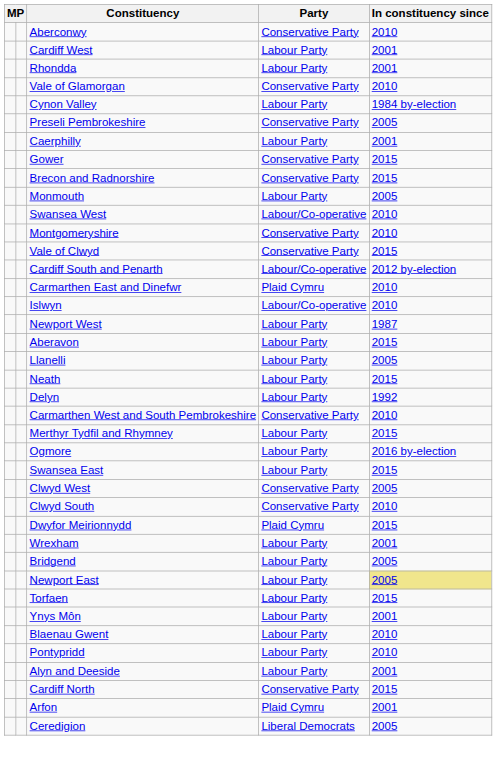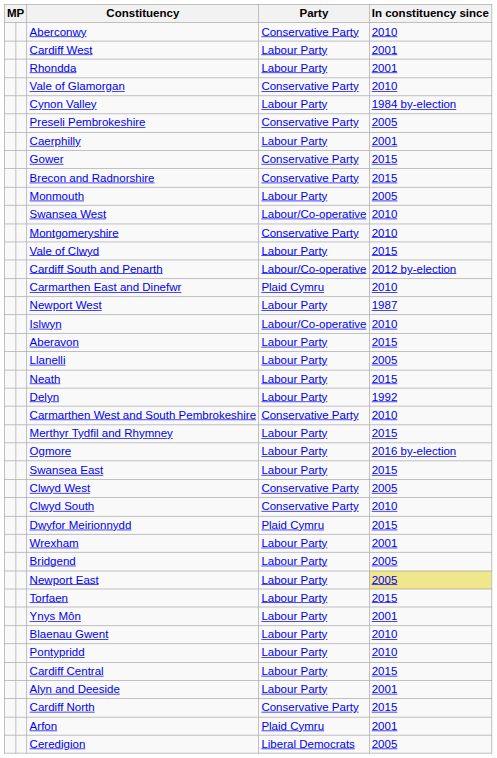 <table class="wikitable sortable">
 <tr>
 <th colspan=2>MP</th>
 <th>Constituency</th>
 <th>Party</th>
 <th>In constituency since</th>
 </tr>
 <tr>
 <td style="color:inherit;background-color: "></td>
 <td></td>
 <td><a href='#'>Aberconwy</a></td>
 <td><a href='#'>Conservative Party</a></td>
 <td><a href='#'>2010</a></td>
 </tr>
 <tr>
 <td style="color:inherit;background-color: "></td>
 <td></td>
 <td><a href='#'>Cardiff West</a></td>
 <td><a href='#'>Labour Party</a></td>
 <td><a href='#'>2001</a></td>
 </tr>
 <tr>
 <td style="color:inherit;background-color: "></td>
 <td></td>
 <td><a href='#'>Rhondda</a></td>
 <td><a href='#'>Labour Party</a></td>
 <td><a href='#'>2001</a></td>
 </tr>
 <tr>
 <td style="color:inherit;background-color: "></td>
 <td></td>
 <td><a href='#'>Vale of Glamorgan</a></td>
 <td><a href='#'>Conservative Party</a></td>
 <td><a href='#'>2010</a></td>
 </tr>
 <tr>
 <td style="color:inherit;background-color: "></td>
 <td></td>
 <td><a href='#'>Cynon Valley</a></td>
 <td><a href='#'>Labour Party</a></td>
 <td><a href='#'>1984 by-election</a></td>
 </tr>
 <tr>
 <td style="color:inherit;background-color: "></td>
 <td></td>
 <td><a href='#'>Preseli Pembrokeshire</a></td>
 <td><a href='#'>Conservative Party</a></td>
 <td><a href='#'>2005</a></td>
 </tr>
 <tr>
 <td style="color:inherit;background-color: "></td>
 <td></td>
 <td><a href='#'>Caerphilly</a></td>
 <td><a href='#'>Labour Party</a></td>
 <td><a href='#'>2001</a></td>
 </tr>
 <tr>
 <td style="color:inherit;background-color: "></td>
 <td></td>
 <td><a href='#'>Gower</a></td>
 <td><a href='#'>Conservative Party</a></td>
 <td><a href='#'>2015</a></td>
 </tr>
 <tr>
 <td style="color:inherit;background-color: "></td>
 <td></td>
 <td><a href='#'>Brecon and Radnorshire</a></td>
 <td><a href='#'>Conservative Party</a></td>
 <td><a href='#'>2015</a></td>
 </tr>
 <tr>
 <td style="color:inherit;background-color: "></td>
 <td></td>
 <td><a href='#'>Monmouth</a></td>
 <td><a href='#'>Labour Party</a></td>
 <td><a href='#'>2005</a></td>
 </tr>
 <tr>
 <td style="color:inherit;background-color: "></td>
 <td></td>
 <td><a href='#'>Swansea West</a></td>
 <td><a href='#'>Labour/Co-operative</a></td>
 <td><a href='#'>2010</a></td>
 </tr>
 <tr>
 <td style="color:inherit;background-color: "></td>
 <td></td>
 <td><a href='#'>Montgomeryshire</a></td>
 <td><a href='#'>Conservative Party</a></td>
 <td><a href='#'>2010</a></td>
 </tr>
 <tr>
 <td style="color:inherit;background-color: "></td>
 <td></td>
 <td><a href='#'>Vale of Clwyd</a></td>
-<td><a href='#'>Conservative Party</a></td>
+<td><a href='#'>Labour Party</a></td>
 <td><a href='#'>2015</a></td>
 </tr>
 <tr>
 <td style="color:inherit;background-color: "></td>
 <td></td>
 <td><a href='#'>Cardiff South and Penarth</a></td>
 <td><a href='#'>Labour/Co-operative</a></td>
 <td><a href='#'>2012 by-election</a></td>
 </tr>
 <tr>
 <td style="color:inherit;background-color: "></td>
 <td></td>
 <td><a href='#'>Carmarthen East and Dinefwr</a></td>
 <td><a href='#'>Plaid Cymru</a></td>
 <td><a href='#'>2010</a></td>
 </tr>
 <tr>
 <td style="color:inherit;background-color: "></td>
 <td></td>
-<td><a href='#'>Islwyn</a></td>
-<td><a href='#'>Labour/Co-operative</a></td>
-<td><a href='#'>2010</a></td>
+<td><a href='#'>Newport West</a></td>
+<td><a href='#'>Labour Party</a></td>
+<td><a href='#'>1987</a></td>
 </tr>
 <tr>
 <td style="color:inherit;background-color: "></td>
 <td></td>
-<td><a href='#'>Newport West</a></td>
-<td><a href='#'>Labour Party</a></td>
-<td><a href='#'>1987</a></td>
+<td><a href='#'>Islwyn</a></td>
+<td><a href='#'>Labour/Co-operative</a></td>
+<td><a href='#'>2010</a></td>
 </tr>
 <tr>
 <td style="color:inherit;background-color: "></td>
 <td></td>
 <td><a href='#'>Aberavon</a></td>
 <td><a href='#'>Labour Party</a></td>
 <td><a href='#'>2015</a></td>
 </tr>
 <tr>
 <td style="color:inherit;background-color: "></td>
 <td></td>
 <td><a href='#'>Llanelli</a></td>
 <td><a href='#'>Labour Party</a></td>
 <td><a href='#'>2005</a></td>
 </tr>
 <tr>
 <td style="color:inherit;background-color: "></td>
 <td></td>
 <td><a href='#'>Neath</a></td>
 <td><a href='#'>Labour Party</a></td>
 <td><a href='#'>2015</a></td>
 </tr>
 <tr>
 <td style="color:inherit;background-color: "></td>
 <td></td>
 <td><a href='#'>Delyn</a></td>
 <td><a href='#'>Labour Party</a></td>
 <td><a href='#'>1992</a></td>
 </tr>
 <tr>
 <td style="color:inherit;background-color: "></td>
 <td></td>
 <td><a href='#'>Carmarthen West and South Pembrokeshire</a></td>
 <td><a href='#'>Conservative Party</a></td>
 <td><a href='#'>2010</a></td>
 </tr>
 <tr>
 <td style="color:inherit;background-color: "></td>
 <td></td>
 <td><a href='#'>Merthyr Tydfil and Rhymney</a></td>
 <td><a href='#'>Labour Party</a></td>
 <td><a href='#'>2015</a></td>
 </tr>
 <tr>
 <td style="color:inherit;background-color: "></td>
 <td></td>
 <td><a href='#'>Ogmore</a></td>
 <td><a href='#'>Labour Party</a></td>
 <td><a href='#'>2016 by-election</a></td>
 </tr>
 <tr>
 <td style="color:inherit;background-color: "></td>
 <td></td>
 <td><a href='#'>Swansea East</a></td>
 <td><a href='#'>Labour Party</a></td>
 <td><a href='#'>2015</a></td>
 </tr>
 <tr>
 <td style="color:inherit;background-color: "></td>
 <td></td>
 <td><a href='#'>Clwyd West</a></td>
 <td><a href='#'>Conservative Party</a></td>
 <td><a href='#'>2005</a></td>
 </tr>
 <tr>
 <td style="color:inherit;background-color: "></td>
 <td></td>
 <td><a href='#'>Clwyd South</a></td>
 <td><a href='#'>Conservative Party</a></td>
 <td><a href='#'>2010</a></td>
 </tr>
 <tr>
 <td style="color:inherit;background-color: "></td>
 <td></td>
 <td><a href='#'>Dwyfor Meirionnydd</a></td>
 <td><a href='#'>Plaid Cymru</a></td>
 <td><a href='#'>2015</a></td>
 </tr>
 <tr>
 <td style="color:inherit;background-color: "></td>
 <td></td>
 <td><a href='#'>Wrexham</a></td>
 <td><a href='#'>Labour Party</a></td>
 <td><a href='#'>2001</a></td>
 </tr>
 <tr>
 <td style="color:inherit;background-color: "></td>
 <td></td>
 <td><a href='#'>Bridgend</a></td>
 <td><a href='#'>Labour Party</a></td>
 <td><a href='#'>2005</a></td>
 </tr>
 <tr>
 <td style="color:inherit;background-color: "></td>
 <td></td>
 <td><a href='#'>Newport East</a></td>
 <td><a href='#'>Labour Party</a></td>
 <td style="background: khaki;"><a href='#'>2005</a></td>
 </tr>
 <tr>
 <td style="color:inherit;background-color: "></td>
 <td></td>
 <td><a href='#'>Torfaen</a></td>
 <td><a href='#'>Labour Party</a></td>
 <td><a href='#'>2015</a></td>
 </tr>
 <tr>
 <td style="color:inherit;background-color: "></td>
 <td></td>
 <td><a href='#'>Ynys Môn</a></td>
 <td><a href='#'>Labour Party</a></td>
 <td><a href='#'>2001</a></td>
 </tr>
 <tr>
 <td style="color:inherit;background-color: "></td>
 <td></td>
 <td><a href='#'>Blaenau Gwent</a></td>
 <td><a href='#'>Labour Party</a></td>
 <td><a href='#'>2010</a></td>
 </tr>
 <tr>
 <td style="color:inherit;background-color: "></td>
 <td></td>
 <td><a href='#'>Pontypridd</a></td>
 <td><a href='#'>Labour Party</a></td>
 <td><a href='#'>2010</a></td>
 </tr>
 <tr>
 <td style="color:inherit;background-color: "></td>
 <td></td>
+<td><a href='#'>Cardiff Central</a></td>
+<td><a href='#'>Labour Party</a></td>
+<td><a href='#'>2015</a></td>
+</tr>
+<tr>
+<td style="color:inherit;background-color: "></td>
+<td></td>
 <td><a href='#'>Alyn and Deeside</a></td>
 <td><a href='#'>Labour Party</a></td>
 <td><a href='#'>2001</a></td>
 </tr>
 <tr>
 <td style="color:inherit;background-color: "></td>
 <td></td>
 <td><a href='#'>Cardiff North</a></td>
 <td><a href='#'>Conservative Party</a></td>
 <td><a href='#'>2015</a></td>
 </tr>
 <tr>
 <td style="color:inherit;background-color: "></td>
 <td></td>
 <td><a href='#'>Arfon</a></td>
 <td><a href='#'>Plaid Cymru</a></td>
 <td><a href='#'>2001</a></td>
 </tr>
 <tr>
 <td style="color:inherit;background-color: "></td>
 <td></td>
 <td><a href='#'>Ceredigion</a></td>
 <td><a href='#'>Liberal Democrats</a></td>
 <td><a href='#'>2005</a></td>
 </tr>
 </table>
